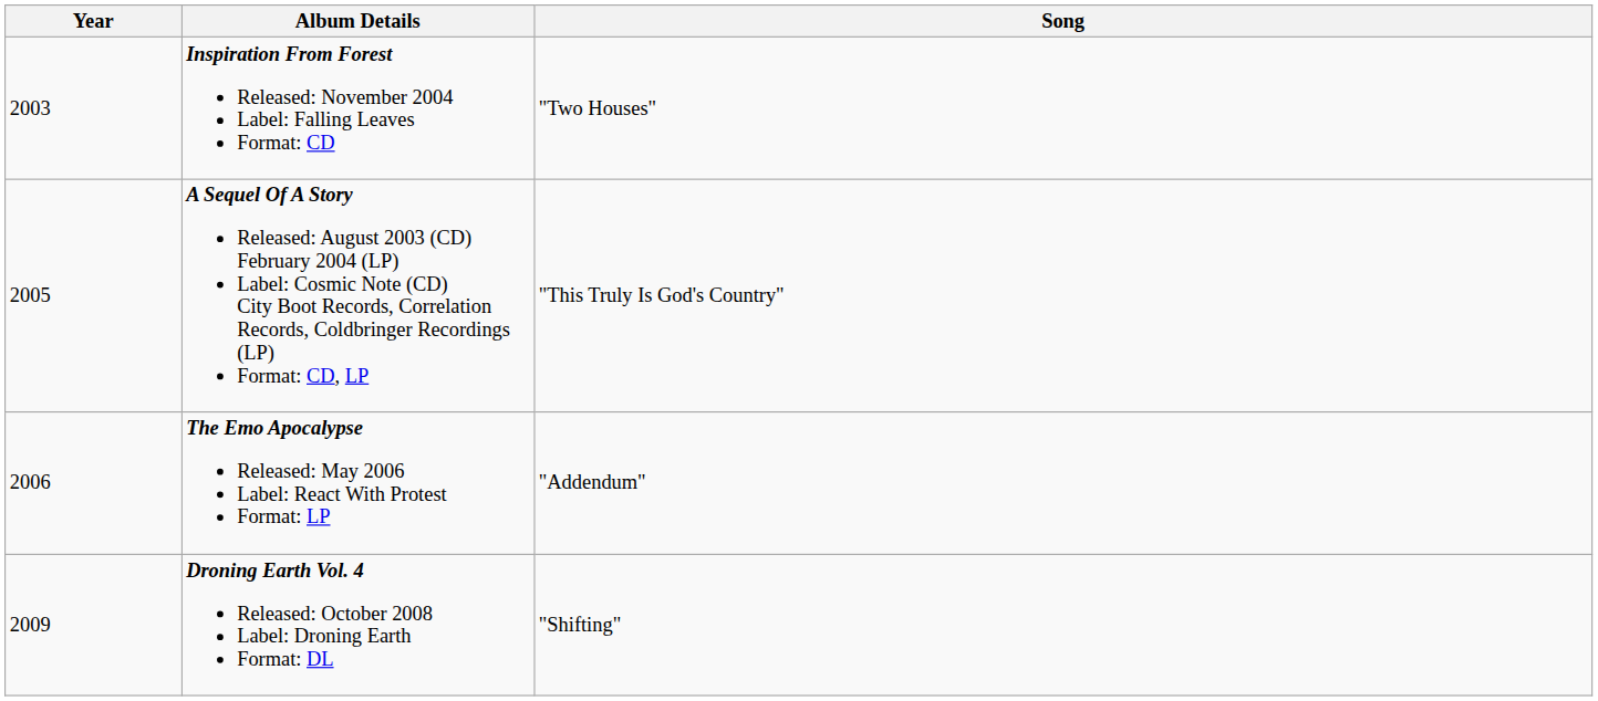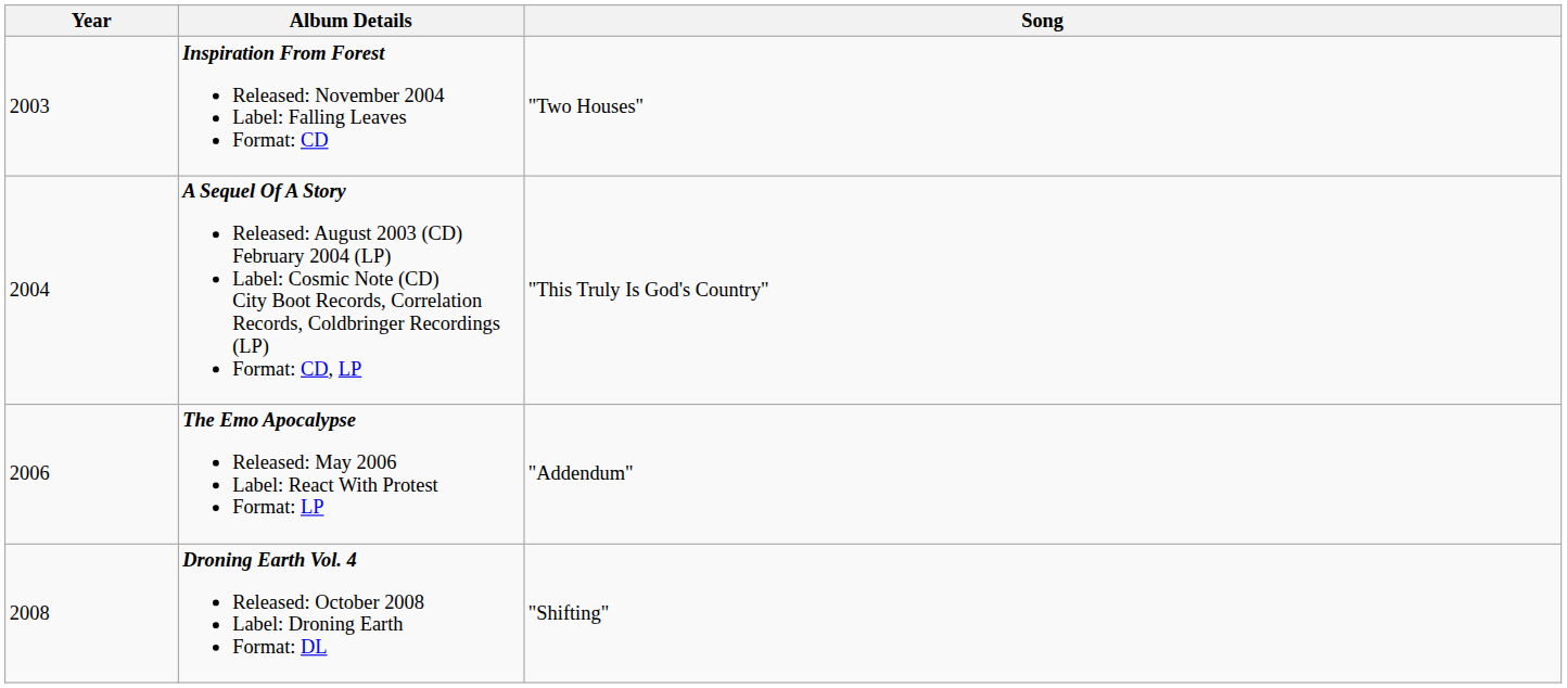 <table class ="wikitable">
 <tr>
 <th style="width: 5%">Year</th>
 <th style="width:10%">Album Details</th>
 <th style="width:30%">Song</th>
 </tr>
 <tr>
 <td>2003</td>
 <td><strong><em>Inspiration From Forest</em></strong><br><ul><li>Released: November 2004</li><li>Label: Falling Leaves</li><li>Format: <a href='#'>CD</a></li></ul></td>
 <td>"Two Houses"</td>
 </tr>
 <tr>
-<td>2005</td>
+<td>2004</td>
 <td><strong><em>A Sequel Of A Story</em></strong><br><ul><li>Released: August 2003 (CD) <br> February 2004 (LP)</li><li>Label: Cosmic Note (CD) <br> City Boot Records, Correlation Records, Coldbringer Recordings (LP)</li><li>Format: <a href='#'>CD</a>, <a href='#'>LP</a></li></ul></td>
 <td>"This Truly Is God's Country"</td>
 </tr>
 <tr>
 <td>2006</td>
 <td><strong><em>The Emo Apocalypse</em></strong><br><ul><li>Released: May 2006</li><li>Label: React With Protest</li><li>Format: <a href='#'>LP</a></li></ul></td>
 <td>"Addendum"</td>
 </tr>
 <tr>
-<td>2009</td>
+<td>2008</td>
 <td><strong><em>Droning Earth Vol. 4</em></strong><br><ul><li>Released: October 2008</li><li>Label: Droning Earth</li><li>Format: <a href='#'>DL</a></li></ul></td>
 <td>"Shifting"</td>
 </tr>
 </table>
